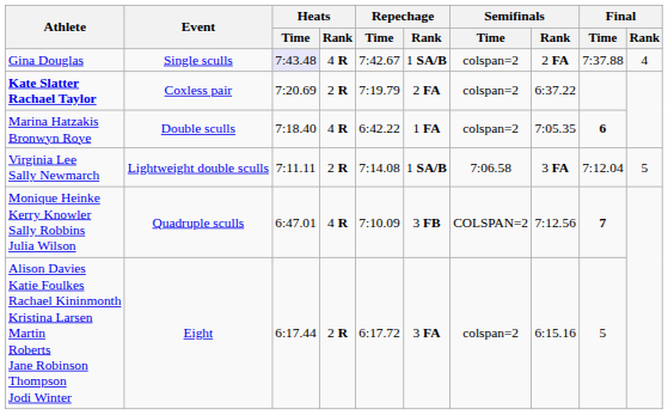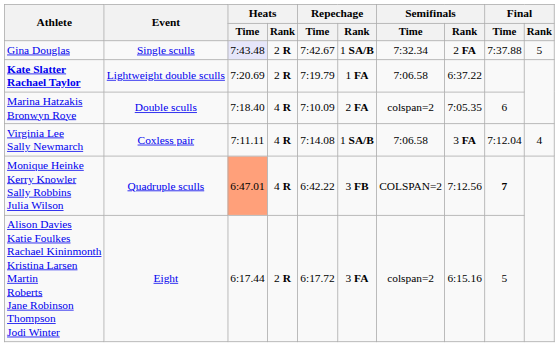 <table class="wikitable" style="font-size:90%">
 <tr>
 <th rowspan="2">Athlete</th>
 <th rowspan="2">Event</th>
 <th colspan="2">Heats</th>
 <th colspan="2">Repechage</th>
 <th colspan="2">Semifinals</th>
 <th colspan="2">Final</th>
 </tr>
 <tr style="font-size:95%">
 <th>Time</th>
 <th>Rank</th>
 <th>Time</th>
 <th>Rank</th>
 <th>Time</th>
 <th>Rank</th>
 <th>Time</th>
 <th>Rank</th>
 </tr>
 <tr align=center>
 <td align=left><a href='#'>Gina Douglas</a></td>
 <td><a href='#'>Single sculls</a></td>
 <td style="background: lavender;">7:43.48</td>
-<td>4 <strong>R</strong></td>
+<td>2 <strong>R</strong></td>
 <td>7:42.67</td>
 <td>1 <strong>SA/B</strong></td>
-<td>colspan=2 </td>
+<td>7:32.34</td>
 <td>2 <strong>FA</strong></td>
 <td>7:37.88</td>
-<td>4</td>
+<td>5</td>
 </tr>
 <tr align=center>
 <td align=left><strong><a href='#'>Kate Slatter</a><br><a href='#'>Rachael Taylor</a></strong></td>
-<td><a href='#'>Coxless pair</a></td>
+<td><a href='#'>Lightweight double sculls</a></td>
 <td>7:20.69</td>
 <td>2 <strong>R</strong></td>
 <td>7:19.79</td>
-<td>2 <strong>FA</strong></td>
-<td>colspan=2 </td>
+<td>1 <strong>FA</strong></td>
+<td>7:06.58</td>
 <td>6:37.22</td>
 <td></td>
 </tr>
 <tr align=center>
 <td align=left><a href='#'>Marina Hatzakis</a><br><a href='#'>Bronwyn Roye</a></td>
 <td><a href='#'>Double sculls</a></td>
 <td>7:18.40</td>
 <td>4 <strong>R</strong></td>
-<td>6:42.22</td>
-<td>1 <strong>FA</strong></td>
+<td>7:10.09</td>
+<td>2 <strong>FA</strong></td>
 <td>colspan=2 </td>
 <td>7:05.35</td>
-<td><strong>6</strong></td>
+<td>6</td>
 </tr>
 <tr align=center>
 <td align=left><a href='#'>Virginia Lee</a><br><a href='#'>Sally Newmarch</a></td>
-<td><a href='#'>Lightweight double sculls</a></td>
+<td><a href='#'>Coxless pair</a></td>
 <td>7:11.11</td>
-<td>2 <strong>R</strong></td>
+<td>4 <strong>R</strong></td>
 <td>7:14.08</td>
 <td>1 <strong>SA/B</strong></td>
 <td>7:06.58</td>
 <td>3 <strong>FA</strong></td>
 <td>7:12.04</td>
-<td>5</td>
+<td>4</td>
 </tr>
 <tr align=center>
 <td align=left><a href='#'>Monique Heinke</a><br> <a href='#'>Kerry Knowler</a><br> <a href='#'>Sally Robbins</a><br> <a href='#'>Julia Wilson</a></td>
 <td><a href='#'>Quadruple sculls</a></td>
-<td>6:47.01</td>
+<td style="background: lightsalmon;">6:47.01</td>
 <td>4 <strong>R</strong></td>
-<td>7:10.09</td>
+<td>6:42.22</td>
 <td>3 <strong>FB</strong></td>
 <td>COLSPAN=2 </td>
 <td>7:12.56</td>
 <td><strong>7</strong></td>
 </tr>
 <tr align=center>
 <td align=left><a href='#'>Alison Davies</a><br> <a href='#'>Katie Foulkes</a><br> <a href='#'>Rachael Kininmonth</a><br> <a href='#'>Kristina Larsen</a><br> <a href='#'>Martin</a><br> <a href='#'>Roberts</a><br> <a href='#'>Jane Robinson</a><br> <a href='#'>Thompson</a><br> <a href='#'>Jodi Winter</a></td>
 <td><a href='#'>Eight</a></td>
 <td>6:17.44</td>
 <td>2 <strong>R</strong></td>
 <td>6:17.72</td>
 <td>3 <strong>FA</strong></td>
 <td>colspan=2 </td>
 <td>6:15.16</td>
 <td>5</td>
 </tr>
 </table>
